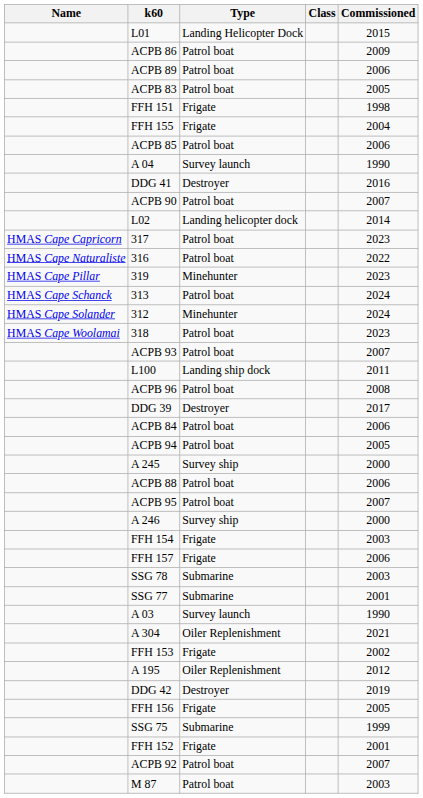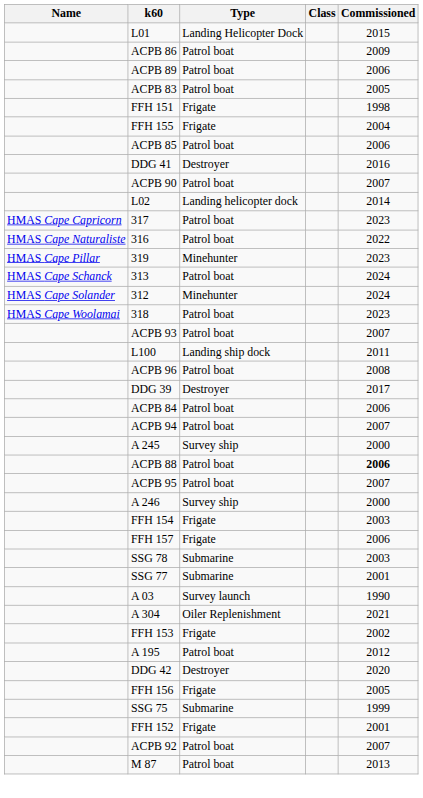 <table class="wikitable sortable" border="1">
 <tr>
 <th>Name</th>
 <th>k60</th>
 <th>Type</th>
 <th>Class</th>
 <th>Commissioned</th>
 </tr>
 <tr>
 <td></td>
 <td>L01</td>
 <td>Landing Helicopter Dock</td>
 <td></td>
 <td align="center">2015</td>
 </tr>
 <tr>
 <td></td>
 <td>ACPB 86</td>
 <td>Patrol boat</td>
 <td></td>
 <td align="center">2009</td>
 </tr>
 <tr>
 <td></td>
 <td>ACPB 89</td>
 <td>Patrol boat</td>
 <td></td>
 <td align="center">2006</td>
 </tr>
 <tr>
 <td></td>
 <td>ACPB 83</td>
 <td>Patrol boat</td>
 <td></td>
 <td align="center">2005</td>
 </tr>
 <tr>
 <td></td>
 <td>FFH 151</td>
 <td>Frigate</td>
 <td></td>
 <td align="center">1998</td>
 </tr>
 <tr>
 <td></td>
 <td>FFH 155</td>
 <td>Frigate</td>
 <td></td>
 <td align="center">2004</td>
 </tr>
 <tr>
 <td></td>
 <td>ACPB 85</td>
 <td>Patrol boat</td>
 <td></td>
 <td align="center">2006</td>
-</tr>
-<tr>
-<td></td>
-<td>A 04</td>
-<td>Survey launch</td>
-<td></td>
-<td align="center">1990</td>
 </tr>
 <tr>
 <td></td>
 <td>DDG 41</td>
 <td>Destroyer</td>
 <td></td>
 <td align='center'>2016</td>
 </tr>
 <tr>
 <td></td>
 <td>ACPB 90</td>
 <td>Patrol boat</td>
 <td></td>
 <td align="center">2007</td>
 </tr>
 <tr>
 <td></td>
 <td>L02</td>
 <td>Landing helicopter dock</td>
 <td></td>
 <td align="center">2014</td>
 </tr>
 <tr>
 <td><a href='#'>HMAS <em>Cape Capricorn</em></a></td>
 <td>317</td>
 <td>Patrol boat</td>
 <td></td>
 <td align="center">2023</td>
 </tr>
 <tr>
 <td><a href='#'>HMAS <em>Cape Naturaliste</em></a></td>
 <td>316</td>
 <td>Patrol boat</td>
 <td></td>
 <td align="center">2022</td>
 </tr>
 <tr>
 <td><a href='#'>HMAS <em>Cape Pillar</em></a></td>
 <td>319</td>
 <td>Minehunter</td>
 <td></td>
 <td align="center">2023</td>
 </tr>
 <tr>
 <td><a href='#'>HMAS <em>Cape Schanck</em></a></td>
 <td>313</td>
 <td>Patrol boat</td>
 <td></td>
 <td align="center">2024</td>
 </tr>
 <tr>
 <td><a href='#'>HMAS <em>Cape Solander</em></a></td>
 <td>312</td>
 <td>Minehunter</td>
 <td></td>
 <td align="center">2024</td>
 </tr>
 <tr>
 <td><a href='#'>HMAS <em>Cape Woolamai</em></a></td>
 <td>318</td>
 <td>Patrol boat</td>
 <td></td>
 <td align="center">2023</td>
 </tr>
 <tr>
 <td></td>
 <td>ACPB 93</td>
 <td>Patrol boat</td>
 <td></td>
 <td align="center">2007</td>
 </tr>
 <tr>
 <td></td>
 <td>L100</td>
 <td>Landing ship dock</td>
 <td></td>
 <td align="center">2011</td>
 </tr>
 <tr>
 <td></td>
 <td>ACPB 96</td>
 <td>Patrol boat</td>
 <td></td>
 <td align="center">2008</td>
 </tr>
 <tr>
 <td></td>
 <td>DDG 39</td>
 <td>Destroyer</td>
 <td></td>
 <td align="center">2017</td>
 </tr>
 <tr>
 <td></td>
 <td>ACPB 84</td>
 <td>Patrol boat</td>
 <td></td>
 <td align="center">2006</td>
 </tr>
 <tr>
 <td></td>
 <td>ACPB 94</td>
 <td>Patrol boat</td>
 <td></td>
-<td align="center">2005</td>
+<td align="center">2007</td>
 </tr>
 <tr>
 <td></td>
 <td>A 245</td>
 <td>Survey ship</td>
 <td></td>
 <td align="center">2000</td>
 </tr>
 <tr>
 <td></td>
 <td>ACPB 88</td>
 <td>Patrol boat</td>
 <td></td>
-<td align="center">2006</td>
+<td align="center"><strong>2006</strong></td>
 </tr>
 <tr>
 <td></td>
 <td>ACPB 95</td>
 <td>Patrol boat</td>
 <td></td>
 <td align="center">2007</td>
 </tr>
 <tr>
 <td></td>
 <td>A 246</td>
 <td>Survey ship</td>
 <td></td>
 <td align="center">2000</td>
 </tr>
 <tr>
 <td></td>
 <td>FFH 154</td>
 <td>Frigate</td>
 <td></td>
 <td align="center">2003</td>
 </tr>
 <tr>
 <td></td>
 <td>FFH 157</td>
 <td>Frigate</td>
 <td></td>
 <td align="center">2006</td>
 </tr>
 <tr>
 <td></td>
 <td>SSG 78</td>
 <td>Submarine</td>
 <td></td>
 <td align="center">2003</td>
 </tr>
 <tr>
 <td></td>
 <td>SSG 77</td>
 <td>Submarine</td>
 <td></td>
 <td align="center">2001</td>
 </tr>
 <tr>
 <td></td>
 <td>A 03</td>
 <td>Survey launch</td>
 <td></td>
 <td align="center">1990</td>
 </tr>
 <tr>
 <td></td>
 <td>A 304</td>
 <td>Oiler Replenishment</td>
 <td></td>
 <td align="center">2021</td>
 </tr>
 <tr>
 <td></td>
 <td>FFH 153</td>
 <td>Frigate</td>
 <td></td>
 <td align="center">2002</td>
 </tr>
 <tr>
 <td></td>
 <td>A 195</td>
-<td>Oiler Replenishment</td>
+<td>Patrol boat</td>
 <td></td>
 <td align="center">2012</td>
 </tr>
 <tr>
 <td></td>
 <td>DDG 42</td>
 <td>Destroyer</td>
 <td></td>
-<td align="center">2019</td>
+<td align="center">2020</td>
 </tr>
 <tr>
 <td></td>
 <td>FFH 156</td>
 <td>Frigate</td>
 <td></td>
 <td align="center">2005</td>
 </tr>
 <tr>
 <td></td>
 <td>SSG 75</td>
 <td>Submarine</td>
 <td></td>
 <td align="center">1999</td>
 </tr>
 <tr>
 <td></td>
 <td>FFH 152</td>
 <td>Frigate</td>
 <td></td>
 <td align="center">2001</td>
 </tr>
 <tr>
 <td></td>
 <td>ACPB 92</td>
 <td>Patrol boat</td>
 <td></td>
 <td align="center">2007</td>
 </tr>
 <tr>
 <td></td>
 <td>M 87</td>
 <td>Patrol boat</td>
 <td></td>
-<td align="center">2003</td>
+<td align="center">2013</td>
 </tr>
 </table>
